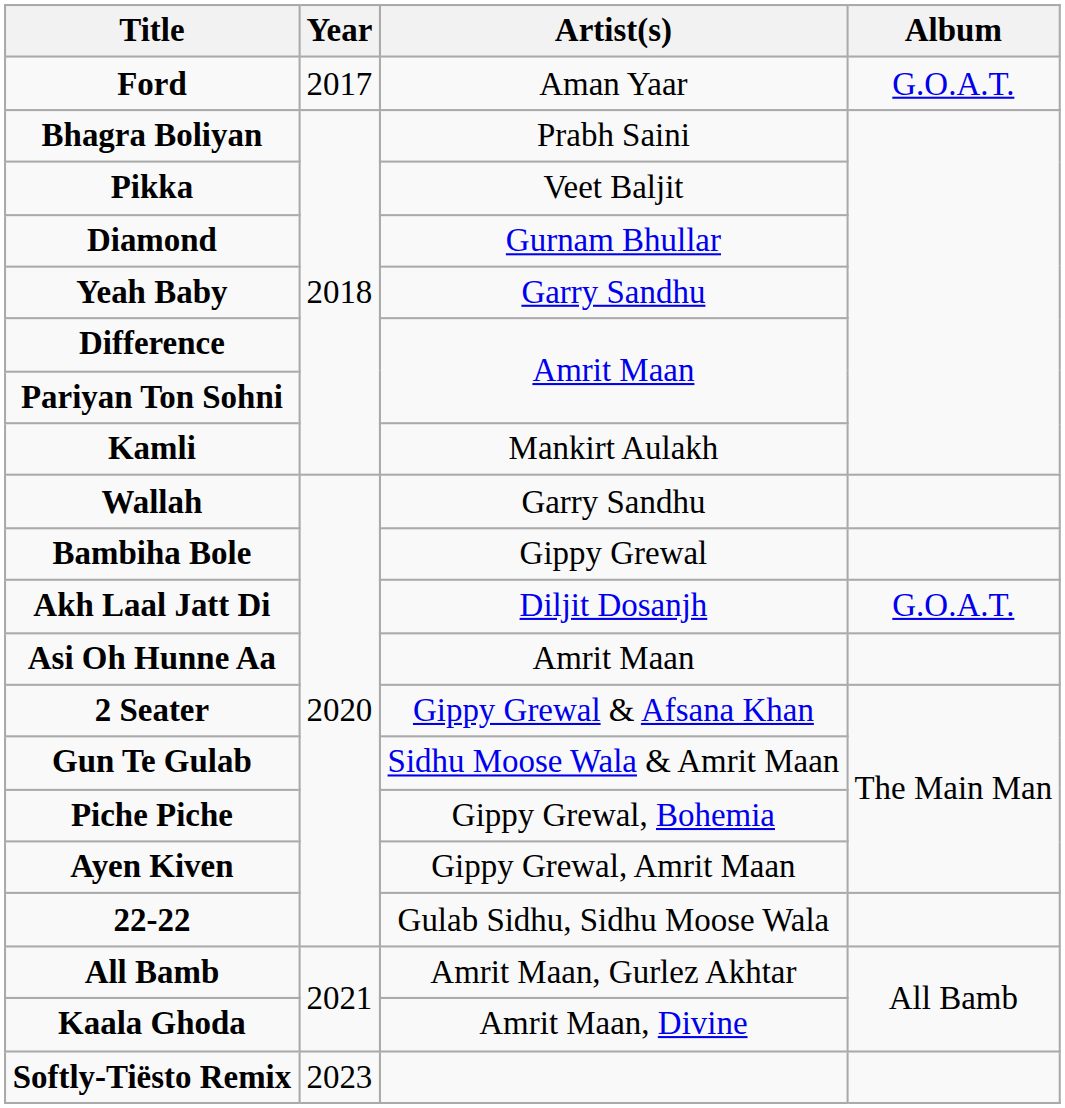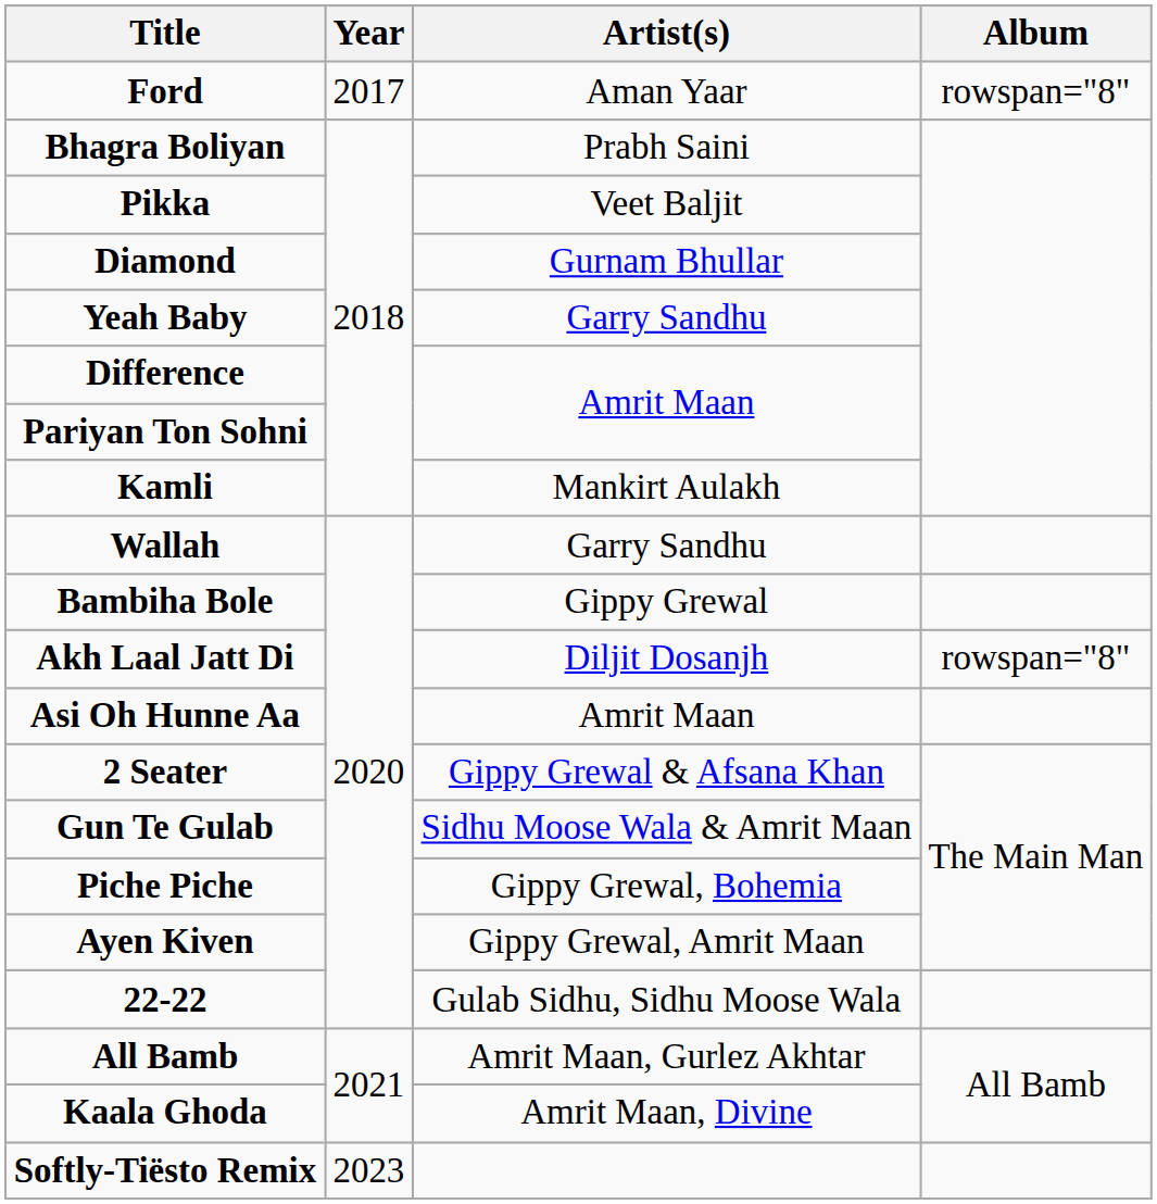 <table class="wikitable plainrowheaders" style="text-align:center;">
 <tr>
 <th>Title</th>
 <th>Year</th>
 <th>Artist(s)</th>
 <th>Album</th>
 </tr>
 <tr>
 <td scope="row"><strong>Ford</strong></td>
 <td>2017</td>
 <td>Aman Yaar</td>
-<td><a href='#'>G.O.A.T.</a></td>
+<td>rowspan="8" </td>
 </tr>
 <tr>
 <td scope="row"><strong>Bhagra Boliyan</strong></td>
 <td rowspan="7">2018</td>
 <td>Prabh Saini</td>
 </tr>
 <tr>
 <td scope="row"><strong>Pikka</strong></td>
 <td>Veet Baljit</td>
 </tr>
 <tr>
 <td scope="row"><strong>Diamond</strong></td>
 <td><a href='#'>Gurnam Bhullar</a></td>
 </tr>
 <tr>
 <td scope="row"><strong>Yeah Baby</strong></td>
 <td><a href='#'>Garry Sandhu</a></td>
 </tr>
 <tr>
 <td><strong>Difference</strong></td>
 <td rowspan="2"><a href='#'>Amrit Maan</a></td>
 </tr>
 <tr>
 <td><strong>Pariyan Ton Sohni</strong></td>
 </tr>
 <tr>
 <td scope="row"><strong>Kamli</strong></td>
 <td>Mankirt Aulakh</td>
 </tr>
 <tr>
 <td scope="row"><strong>Wallah</strong></td>
 <td rowspan="9">2020</td>
 <td>Garry Sandhu</td>
 <td></td>
 </tr>
 <tr>
 <td scope="row"><strong>Bambiha Bole</strong></td>
 <td>Gippy Grewal</td>
 <td></td>
 </tr>
 <tr>
 <td scope="row"><strong>Akh Laal Jatt Di</strong></td>
 <td><a href='#'>Diljit Dosanjh</a></td>
-<td><a href='#'>G.O.A.T.</a></td>
+<td>rowspan="8" </td>
 </tr>
 <tr>
 <td scope="row"><strong>Asi Oh Hunne Aa</strong></td>
 <td>Amrit Maan</td>
 <td></td>
 </tr>
 <tr>
 <td scope="row"><strong>2 Seater</strong></td>
 <td><a href='#'>Gippy Grewal</a> & <a href='#'>Afsana Khan</a></td>
 <td rowspan="4">The Main Man</td>
 </tr>
 <tr>
 <td><strong>Gun Te Gulab</strong></td>
 <td><a href='#'>Sidhu Moose Wala</a> & Amrit Maan</td>
 </tr>
 <tr>
 <td scope="row"><strong>Piche Piche</strong></td>
 <td>Gippy Grewal, <a href='#'>Bohemia</a></td>
 </tr>
 <tr>
 <td scope="row"><strong>Ayen Kiven</strong></td>
 <td>Gippy Grewal, Amrit Maan</td>
 </tr>
 <tr>
 <td scope="row"><strong>22-22</strong></td>
 <td>Gulab Sidhu, Sidhu Moose Wala</td>
 <td></td>
 </tr>
 <tr>
 <td scope="row"><strong>All Bamb</strong></td>
 <td rowspan="2">2021</td>
 <td>Amrit Maan, Gurlez Akhtar</td>
 <td rowspan="2">All Bamb</td>
 </tr>
 <tr>
 <td scope="row"><strong>Kaala Ghoda</strong></td>
 <td>Amrit Maan, <a href='#'>Divine</a></td>
 </tr>
 <tr>
 <td><strong>Softly-Tiësto Remix</strong></td>
 <td>2023</td>
 <td></td>
 <td></td>
 </tr>
 </table>
